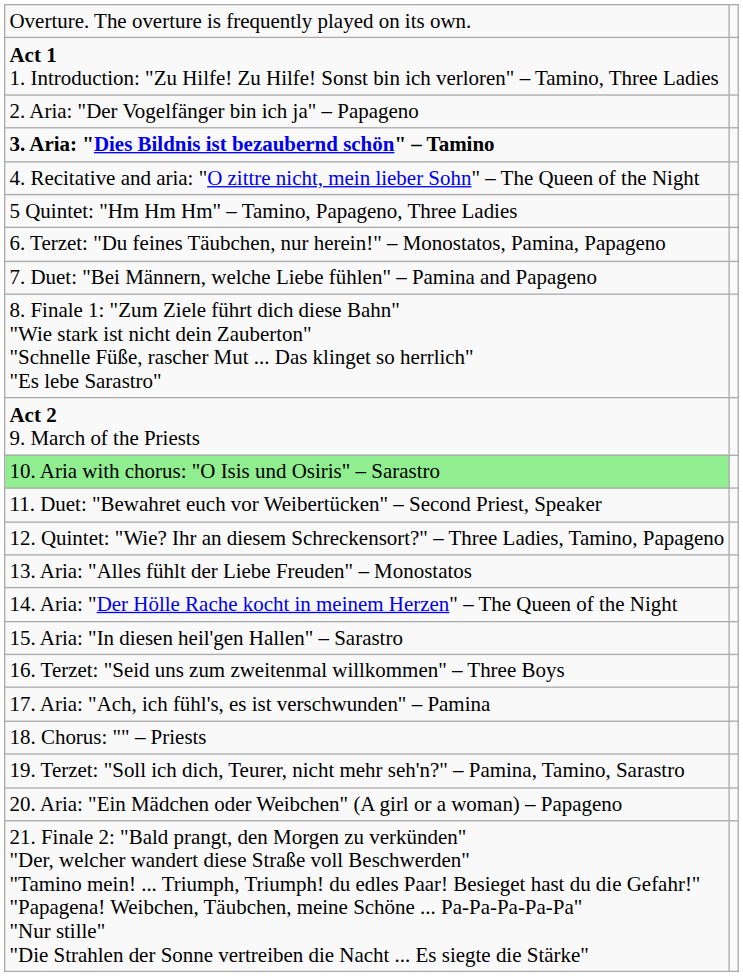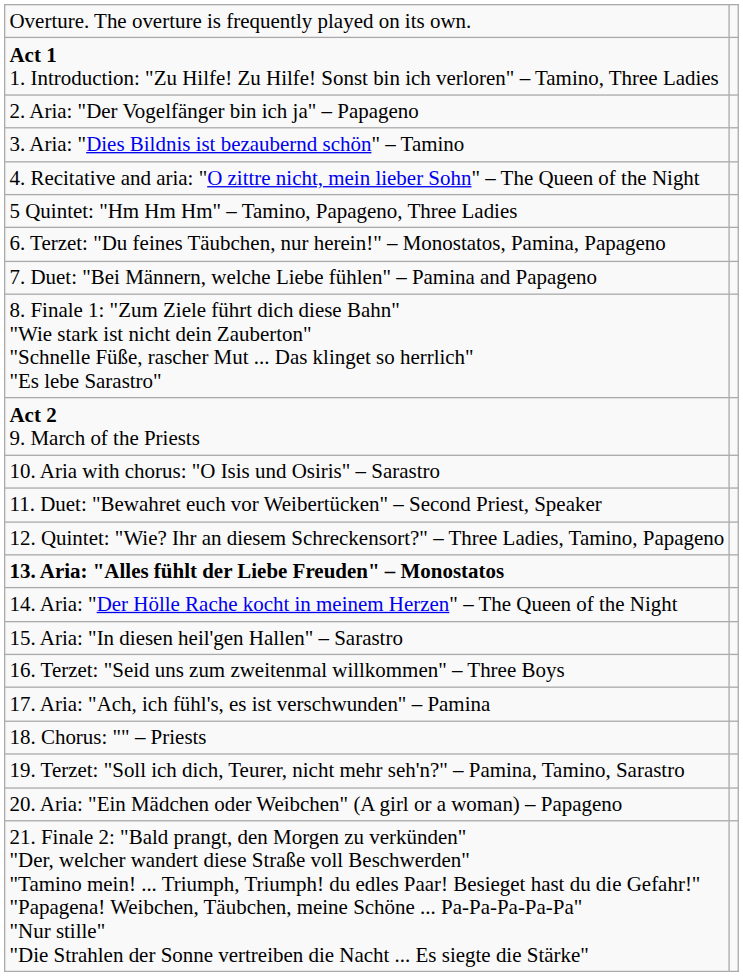 <table class="wikitable">
 <tr>
 <td>Overture. The overture is frequently played on its own.</td>
 <td></td>
 </tr>
 <tr>
 <td><strong>Act 1</strong><br>1. Introduction: "Zu Hilfe! Zu Hilfe! Sonst bin ich verloren" – Tamino, Three Ladies</td>
 <td></td>
 </tr>
 <tr>
 <td>2. Aria: "Der Vogelfänger bin ich ja" – Papageno</td>
 <td></td>
 </tr>
 <tr>
-<td><strong>3. Aria: "<a href='#'>Dies Bildnis ist bezaubernd schön</a>" – Tamino</strong></td>
+<td>3. Aria: "<a href='#'>Dies Bildnis ist bezaubernd schön</a>" – Tamino</td>
 <td></td>
 </tr>
 <tr>
 <td>4. Recitative and aria: "<a href='#'>O zittre nicht, mein lieber Sohn</a>" – The Queen of the Night</td>
 <td></td>
 </tr>
 <tr>
 <td>5 Quintet: "Hm Hm Hm" – Tamino, Papageno, Three Ladies</td>
 <td></td>
 </tr>
 <tr>
 <td>6. Terzet: "Du feines Täubchen, nur herein!" – Monostatos, Pamina, Papageno</td>
 <td></td>
 </tr>
 <tr>
 <td>7. Duet: "Bei Männern, welche Liebe fühlen" – Pamina and Papageno</td>
 <td></td>
 </tr>
 <tr>
 <td>8. Finale 1: "Zum Ziele führt dich diese Bahn"<br>"Wie stark ist nicht dein Zauberton"<br>"Schnelle Füße, rascher Mut ... Das klinget so herrlich"<br>"Es lebe Sarastro"</td>
 <td></td>
 </tr>
 <tr>
 <td><strong>Act 2</strong><br>9. March of the Priests</td>
 <td></td>
 </tr>
 <tr>
-<td style="background: lightgreen;">10. Aria with chorus: "O Isis und Osiris" – Sarastro</td>
+<td>10. Aria with chorus: "O Isis und Osiris" – Sarastro</td>
 <td></td>
 </tr>
 <tr>
 <td>11. Duet: "Bewahret euch vor Weibertücken" – Second Priest, Speaker</td>
 <td></td>
 </tr>
 <tr>
 <td>12. Quintet: "Wie? Ihr an diesem Schreckensort?" – Three Ladies, Tamino, Papageno</td>
 <td></td>
 </tr>
 <tr>
-<td>13. Aria: "Alles fühlt der Liebe Freuden" – Monostatos</td>
+<td><strong>13. Aria: "Alles fühlt der Liebe Freuden" – Monostatos</strong></td>
 <td></td>
 </tr>
 <tr>
 <td>14. Aria: "<a href='#'>Der Hölle Rache kocht in meinem Herzen</a>" – The Queen of the Night</td>
 <td></td>
 </tr>
 <tr>
 <td>15. Aria: "In diesen heil'gen Hallen" – Sarastro</td>
 <td></td>
 </tr>
 <tr>
 <td>16. Terzet: "Seid uns zum zweitenmal willkommen" – Three Boys</td>
 <td></td>
 </tr>
 <tr>
 <td>17. Aria: "Ach, ich fühl's, es ist verschwunden" – Pamina</td>
 <td></td>
 </tr>
 <tr>
 <td>18. Chorus: "" – Priests</td>
 <td></td>
 </tr>
 <tr>
 <td>19. Terzet: "Soll ich dich, Teurer, nicht mehr seh'n?" – Pamina, Tamino, Sarastro</td>
 <td></td>
 </tr>
 <tr>
 <td>20. Aria: "Ein Mädchen oder Weibchen" (A girl or a woman) – Papageno</td>
 <td></td>
 </tr>
 <tr>
 <td>21. Finale 2: "Bald prangt, den Morgen zu verkünden"<br>"Der, welcher wandert diese Straße voll Beschwerden"<br>"Tamino mein! ... Triumph, Triumph! du edles Paar! Besieget hast du die Gefahr!"<br>"Papagena! Weibchen, Täubchen, meine Schöne ... Pa-Pa-Pa-Pa-Pa"<br>"Nur stille"<br>"Die Strahlen der Sonne vertreiben die Nacht ... Es siegte die Stärke"</td>
 <td></td>
 </tr>
 </table>
